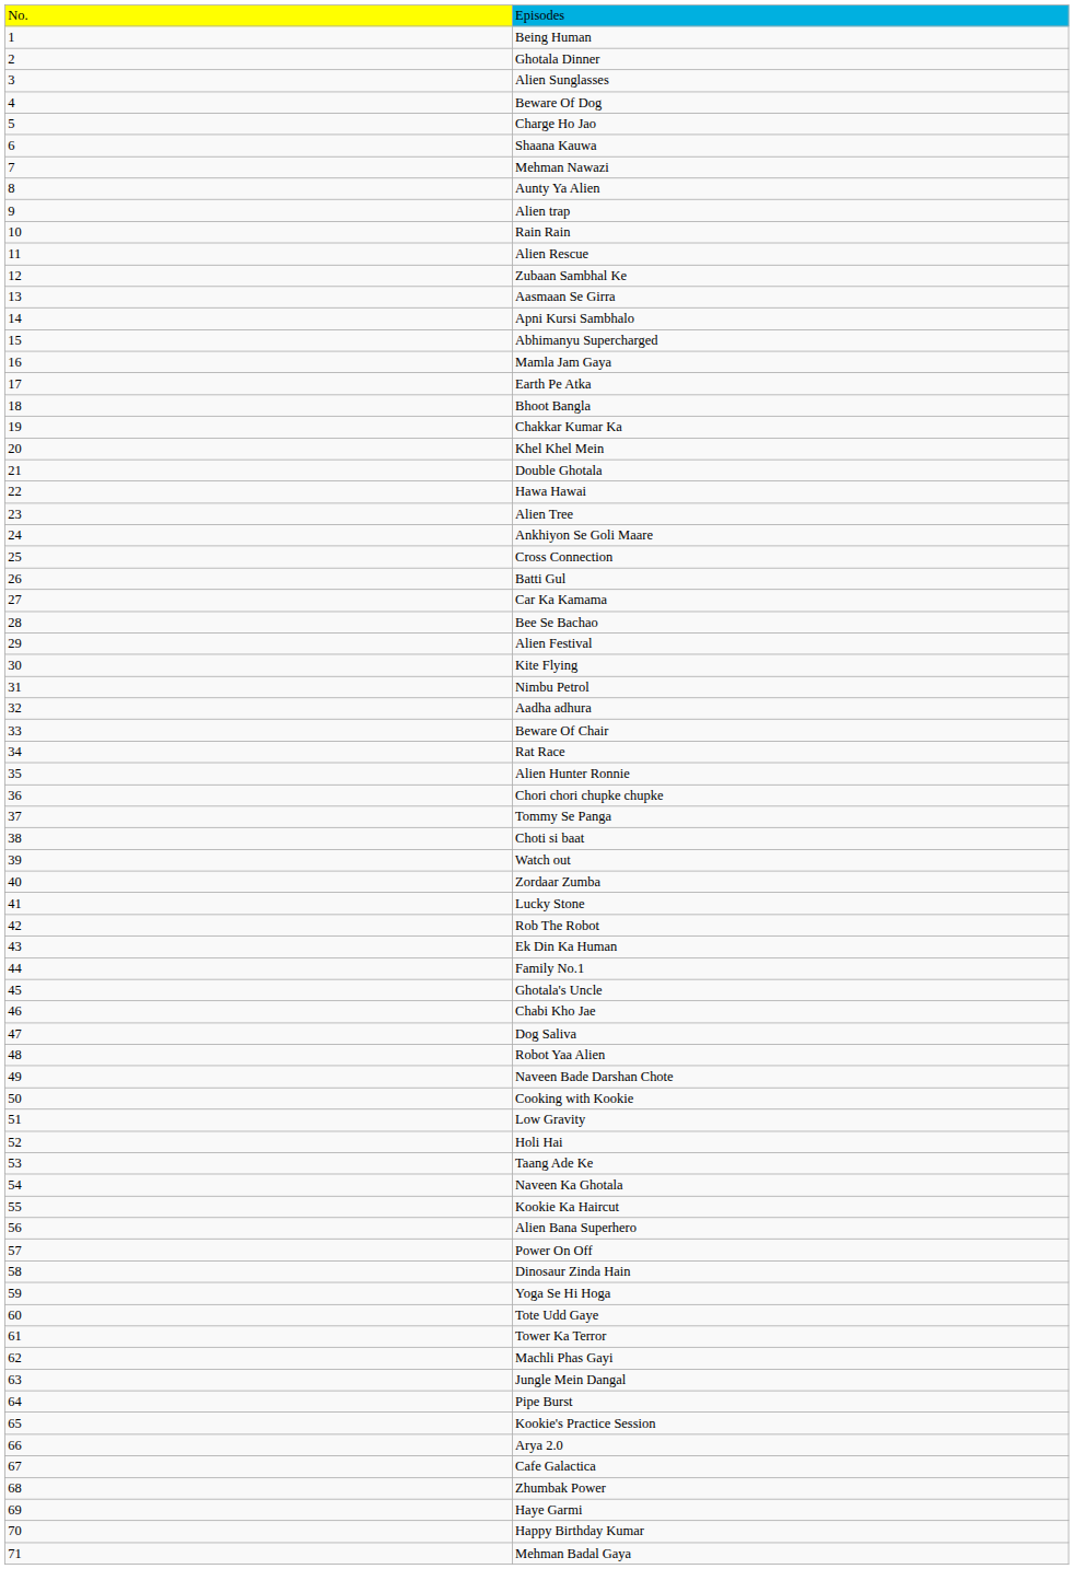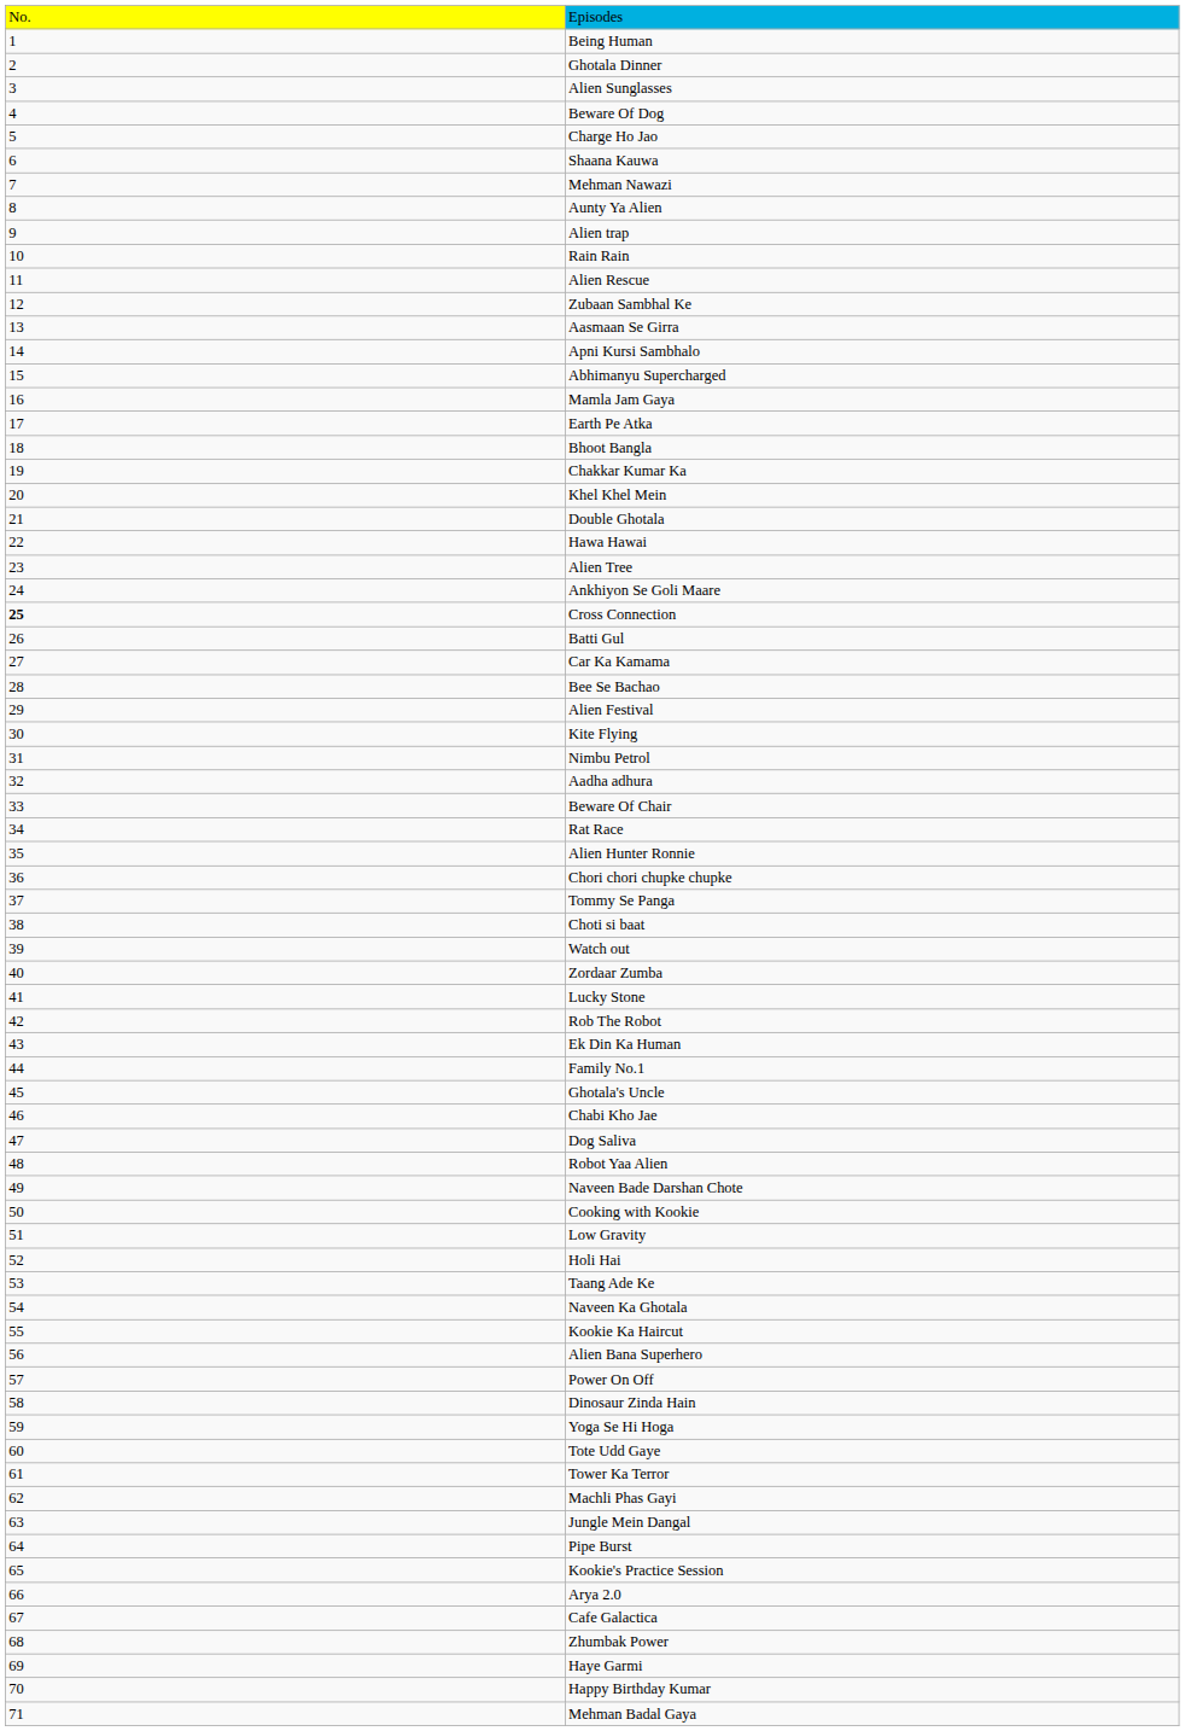 <table class="wikitable">
 <tr>
 <td bgcolor="Yellow" style="width:3%;">No.</td>
 <td bgcolor="sky blue" style="width:3%;">Episodes</td>
 </tr>
 <tr>
 <td>1</td>
 <td>Being Human</td>
 </tr>
 <tr>
 <td>2</td>
 <td>Ghotala Dinner</td>
 </tr>
 <tr>
 <td>3</td>
 <td>Alien Sunglasses</td>
 </tr>
 <tr>
 <td>4</td>
 <td>Beware Of Dog</td>
 </tr>
 <tr>
 <td>5</td>
 <td>Charge Ho Jao</td>
 </tr>
 <tr>
 <td>6</td>
 <td>Shaana Kauwa</td>
 </tr>
 <tr>
 <td>7</td>
 <td>Mehman Nawazi</td>
 </tr>
 <tr>
 <td>8</td>
 <td>Aunty Ya Alien</td>
 </tr>
 <tr>
 <td>9</td>
 <td>Alien trap</td>
 </tr>
 <tr>
 <td>10</td>
 <td>Rain Rain</td>
 </tr>
 <tr>
 <td>11</td>
 <td>Alien Rescue</td>
 </tr>
 <tr>
 <td>12</td>
 <td>Zubaan Sambhal Ke</td>
 </tr>
 <tr>
 <td>13</td>
 <td>Aasmaan Se Girra</td>
 </tr>
 <tr>
 <td>14</td>
 <td>Apni Kursi Sambhalo</td>
 </tr>
 <tr>
 <td>15</td>
 <td>Abhimanyu Supercharged</td>
 </tr>
 <tr>
 <td>16</td>
 <td>Mamla Jam Gaya</td>
 </tr>
 <tr>
 <td>17</td>
 <td>Earth Pe Atka</td>
 </tr>
 <tr>
 <td>18</td>
 <td>Bhoot Bangla</td>
 </tr>
 <tr>
 <td>19</td>
 <td>Chakkar Kumar Ka</td>
 </tr>
 <tr>
 <td>20</td>
 <td>Khel Khel Mein</td>
 </tr>
 <tr>
 <td>21</td>
 <td>Double Ghotala</td>
 </tr>
 <tr>
 <td>22</td>
 <td>Hawa Hawai</td>
 </tr>
 <tr>
 <td>23</td>
 <td>Alien Tree</td>
 </tr>
 <tr>
 <td>24</td>
 <td>Ankhiyon Se Goli Maare</td>
 </tr>
 <tr>
-<td>25</td>
+<td><strong>25</strong></td>
 <td>Cross Connection</td>
 </tr>
 <tr>
 <td>26</td>
 <td>Batti Gul</td>
 </tr>
 <tr>
 <td>27</td>
 <td>Car Ka Kamama</td>
 </tr>
 <tr>
 <td>28</td>
 <td>Bee Se Bachao</td>
 </tr>
 <tr>
 <td>29</td>
 <td>Alien Festival</td>
 </tr>
 <tr>
 <td>30</td>
 <td>Kite Flying</td>
 </tr>
 <tr>
 <td>31</td>
 <td>Nimbu Petrol</td>
 </tr>
 <tr>
 <td>32</td>
 <td>Aadha adhura</td>
 </tr>
 <tr>
 <td>33</td>
 <td>Beware Of Chair</td>
 </tr>
 <tr>
 <td>34</td>
 <td>Rat Race</td>
 </tr>
 <tr>
 <td>35</td>
 <td>Alien Hunter Ronnie</td>
 </tr>
 <tr>
 <td>36</td>
 <td>Chori chori chupke chupke</td>
 </tr>
 <tr>
 <td>37</td>
 <td>Tommy Se Panga</td>
 </tr>
 <tr>
 <td>38</td>
 <td>Choti si baat</td>
 </tr>
 <tr>
 <td>39</td>
 <td>Watch out</td>
 </tr>
 <tr>
 <td>40</td>
 <td>Zordaar Zumba</td>
 </tr>
 <tr>
 <td>41</td>
 <td>Lucky Stone</td>
 </tr>
 <tr>
 <td>42</td>
 <td>Rob The Robot</td>
 </tr>
 <tr>
 <td>43</td>
 <td>Ek Din Ka Human</td>
 </tr>
 <tr>
 <td>44</td>
 <td>Family No.1</td>
 </tr>
 <tr>
 <td>45</td>
 <td>Ghotala's Uncle</td>
 </tr>
 <tr>
 <td>46</td>
 <td>Chabi Kho Jae</td>
 </tr>
 <tr>
 <td>47</td>
 <td>Dog Saliva</td>
 </tr>
 <tr>
 <td>48</td>
 <td>Robot Yaa Alien</td>
 </tr>
 <tr>
 <td>49</td>
 <td>Naveen Bade Darshan Chote</td>
 </tr>
 <tr>
 <td>50</td>
 <td>Cooking with Kookie</td>
 </tr>
 <tr>
 <td>51</td>
 <td>Low Gravity</td>
 </tr>
 <tr>
 <td>52</td>
 <td>Holi Hai</td>
 </tr>
 <tr>
 <td>53</td>
 <td>Taang Ade Ke</td>
 </tr>
 <tr>
 <td>54</td>
 <td>Naveen Ka Ghotala</td>
 </tr>
 <tr>
 <td>55</td>
 <td>Kookie Ka Haircut</td>
 </tr>
 <tr>
 <td>56</td>
 <td>Alien Bana Superhero</td>
 </tr>
 <tr>
 <td>57</td>
 <td>Power On Off</td>
 </tr>
 <tr>
 <td>58</td>
 <td>Dinosaur Zinda Hain</td>
 </tr>
 <tr>
 <td>59</td>
 <td>Yoga Se Hi Hoga</td>
 </tr>
 <tr>
 <td>60</td>
 <td>Tote Udd Gaye</td>
 </tr>
 <tr>
 <td>61</td>
 <td>Tower Ka Terror</td>
 </tr>
 <tr>
 <td>62</td>
 <td>Machli Phas Gayi</td>
 </tr>
 <tr>
 <td>63</td>
 <td>Jungle Mein Dangal</td>
 </tr>
 <tr>
 <td>64</td>
 <td>Pipe Burst</td>
 </tr>
 <tr>
 <td>65</td>
 <td>Kookie's Practice Session</td>
 </tr>
 <tr>
 <td>66</td>
 <td>Arya 2.0</td>
 </tr>
 <tr>
 <td>67</td>
 <td>Cafe Galactica</td>
 </tr>
 <tr>
 <td>68</td>
 <td>Zhumbak Power</td>
 </tr>
 <tr>
 <td>69</td>
 <td>Haye Garmi</td>
 </tr>
 <tr>
 <td>70</td>
 <td>Happy Birthday Kumar</td>
 </tr>
 <tr>
 <td>71</td>
 <td>Mehman Badal Gaya</td>
 </tr>
 </table>
